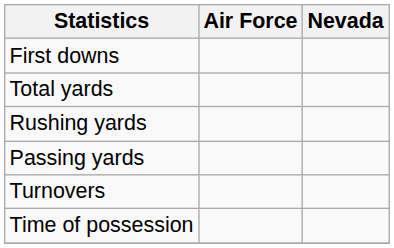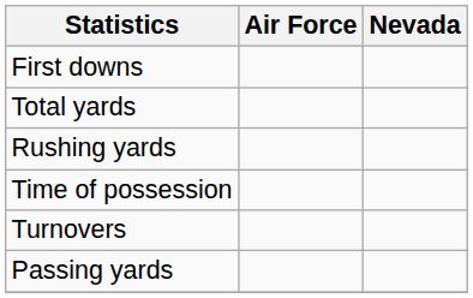 <table class="wikitable">
 <tr>
 <th>Statistics</th>
 <th>Air Force</th>
 <th>Nevada</th>
 </tr>
 <tr>
 <td>First downs</td>
 <td></td>
 <td></td>
 </tr>
 <tr>
 <td>Total yards</td>
 <td></td>
 <td></td>
 </tr>
 <tr>
 <td>Rushing yards</td>
 <td></td>
 <td></td>
 </tr>
 <tr>
-<td>Passing yards</td>
+<td>Time of possession</td>
 <td></td>
 <td></td>
 </tr>
 <tr>
 <td>Turnovers</td>
 <td></td>
 <td></td>
 </tr>
 <tr>
-<td>Time of possession</td>
+<td>Passing yards</td>
 <td></td>
 <td></td>
 </tr>
 <tr>
 </tr>
 </table>
